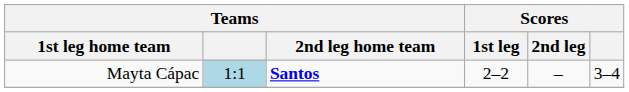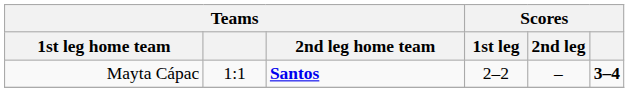 <table class="wikitable" style="text-align: center;">
 <tr>
 <th colspan=3>Teams</th>
 <th colspan=3>Scores</th>
 </tr>
 <tr>
 <th width="175">1st leg home team</th>
 <th width="50"></th>
 <th width="175">2nd leg home team</th>
 <th width="50">1st leg</th>
 <th width="50">2nd leg</th>
 <th></th>
 </tr>
 <tr>
 <td align=right>Mayta Cápac</td>
-<td style="background: lightblue;">1:1</td>
+<td>1:1</td>
 <td align=left><strong><a href='#'>Santos</a></strong></td>
 <td>2–2</td>
 <td>–</td>
-<td>3–4</td>
+<td><strong>3–4</strong></td>
 </tr>
 <tr>
 </tr>
 </table>
